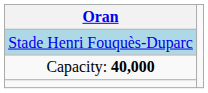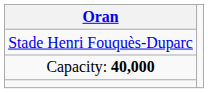 <table class="wikitable" style="text-align:center">
 <tr>
 <th><a href='#'>Oran</a></th>
 <td rowspan="4"></td>
 </tr>
 <tr>
-<td style="background: lightblue;"><a href='#'>Stade Henri Fouquès-Duparc</a></td>
+<td><a href='#'>Stade Henri Fouquès-Duparc</a></td>
 </tr>
 <tr>
 <td>Capacity: <strong>40,000</strong></td>
 </tr>
 <tr>
 <td></td>
 </tr>
 </table>
